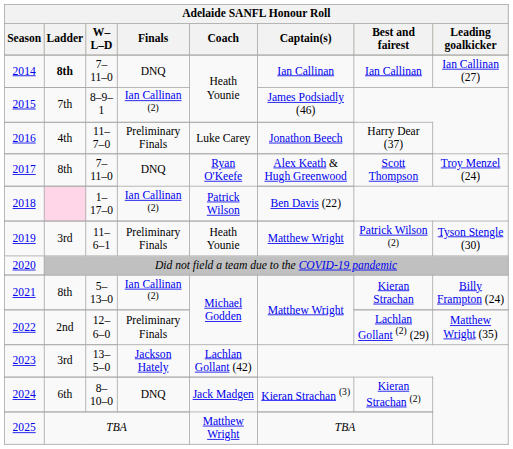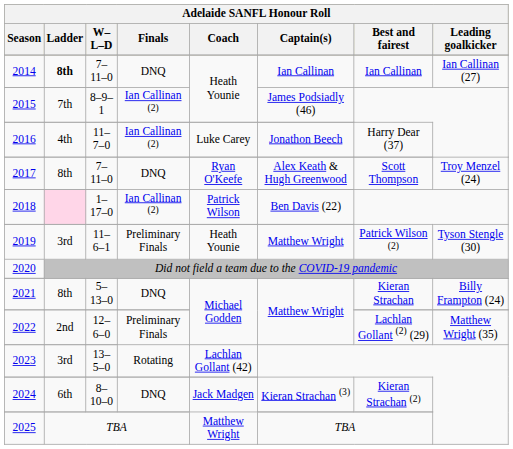 <table class="wikitable" style="text-align:center">
 <tr style="background:#bdb76b;font-size: 87%">
 <th colspan="9">Adelaide SANFL Honour Roll</th>
 </tr>
 <tr style="background:#bdb76b;font-size: 87%;">
 <th>Season</th>
 <th>Ladder</th>
 <th>W–L–D</th>
 <th>Finals</th>
 <th>Coach</th>
 <th>Captain(s)</th>
 <th>Best and fairest</th>
 <th>Leading goalkicker</th>
 </tr>
 <tr>
 </tr>
 <tr style="font-size: 87%;">
 <td><a href='#'>2014</a></td>
 <td><strong>8th</strong></td>
 <td>7–11–0</td>
 <td rowspan="2">DNQ</td>
 <td rowspan="3">Heath Younie</td>
 <td rowspan="2"><a href='#'>Ian Callinan</a></td>
 <td><a href='#'>Ian Callinan</a></td>
 <td><a href='#'>Ian Callinan</a> (27)</td>
 </tr>
 <tr>
 </tr>
 <tr style="font-size: 87%;">
 <td><a href='#'>2015</a></td>
 <td>7th</td>
 <td>8–9–1</td>
 <td><a href='#'>Ian Callinan</a> <sup>(2)</sup></td>
 <td><a href='#'>James Podsiadly</a> (46)</td>
 </tr>
 <tr>
 </tr>
 <tr style="font-size: 87%;">
 <td><a href='#'>2016</a></td>
 <td>4th</td>
 <td>11–7–0</td>
-<td>Preliminary Finals</td>
+<td><a href='#'>Ian Callinan</a> <sup>(2)</sup></td>
 <td>Luke Carey</td>
 <td><a href='#'>Jonathon Beech</a></td>
 <td>Harry Dear (37)</td>
 </tr>
 <tr>
 </tr>
 <tr style="font-size: 87%;">
 <td><a href='#'>2017</a></td>
 <td>8th</td>
 <td>7–11–0</td>
 <td rowspan="2">DNQ</td>
 <td rowspan="2"><a href='#'>Ryan O'Keefe</a></td>
 <td><a href='#'>Alex Keath</a> & <a href='#'>Hugh Greenwood</a></td>
 <td><a href='#'>Scott Thompson</a></td>
 <td><a href='#'>Troy Menzel</a> (24)</td>
 </tr>
 <tr>
 </tr>
 <tr style="font-size: 87%;">
 <td><a href='#'>2018</a></td>
 <td bgcolor="#FFD6E8" div style="text-align: center;"></td>
 <td>1–17–0</td>
 <td><a href='#'>Ian Callinan</a> <sup>(2)</sup></td>
 <td><a href='#'>Patrick Wilson</a></td>
 <td><a href='#'>Ben Davis</a> (22)</td>
 </tr>
 <tr>
 </tr>
 <tr style="font-size: 87%;">
 <td><a href='#'>2019</a></td>
 <td>3rd</td>
 <td>11–6–1</td>
 <td>Preliminary Finals</td>
 <td>Heath Younie</td>
 <td><a href='#'>Matthew Wright</a></td>
 <td><a href='#'>Patrick Wilson</a> <sup>(2)</sup></td>
 <td><a href='#'>Tyson Stengle</a> (30)</td>
 </tr>
 <tr style="font-size: 87%">
 <td><a href='#'>2020</a></td>
 <td colspan=7 style="background:#C0C0C0"><em>Did not field a team due to the <a href='#'>COVID-19 pandemic</a></em></td>
 </tr>
 <tr>
 </tr>
 <tr style="font-size: 87%;">
 <td><a href='#'>2021</a></td>
 <td>8th</td>
 <td>5–13–0</td>
-<td><a href='#'>Ian Callinan</a> <sup>(2)</sup></td>
+<td>DNQ</td>
 <td rowspan="4"><a href='#'>Michael Godden</a></td>
 <td rowspan="3"><a href='#'>Matthew Wright</a></td>
 <td><a href='#'>Kieran Strachan</a></td>
 <td><a href='#'>Billy Frampton</a> (24)</td>
 </tr>
 <tr>
 </tr>
 <tr style="font-size: 87%;">
 <td><a href='#'>2022</a></td>
 <td>2nd</td>
 <td>12–6–0</td>
 <td rowspan="2">Preliminary Finals</td>
 <td><a href='#'>Lachlan Gollant</a> <sup>(2)</sup> (29)</td>
 <td><a href='#'>Matthew Wright</a> (35)</td>
 </tr>
 <tr>
 </tr>
 <tr style="font-size: 87%;">
 <td><a href='#'>2023</a></td>
 <td>3rd</td>
 <td>13–5–0</td>
-<td><a href='#'>Jackson Hately</a></td>
+<td>Rotating</td>
 <td><a href='#'>Lachlan Gollant</a> (42)</td>
 </tr>
 <tr>
 </tr>
 <tr style="font-size: 87%;">
 <td><a href='#'>2024</a></td>
 <td>6th</td>
 <td>8–10–0</td>
 <td>DNQ</td>
 <td rowspan="2"><a href='#'>Jack Madgen</a></td>
 <td><a href='#'>Kieran Strachan</a> <sup>(3)</sup></td>
 <td><a href='#'>Kieran Strachan</a> <sup>(2)</sup></td>
 </tr>
 <tr>
 </tr>
 <tr style="font-size: 87%;">
 <td><a href='#'>2025</a></td>
 <td colspan="3"><em>TBA</em></td>
 <td><a href='#'>Matthew Wright</a></td>
 <td colspan="2"><em>TBA</em></td>
 </tr>
 </table>
